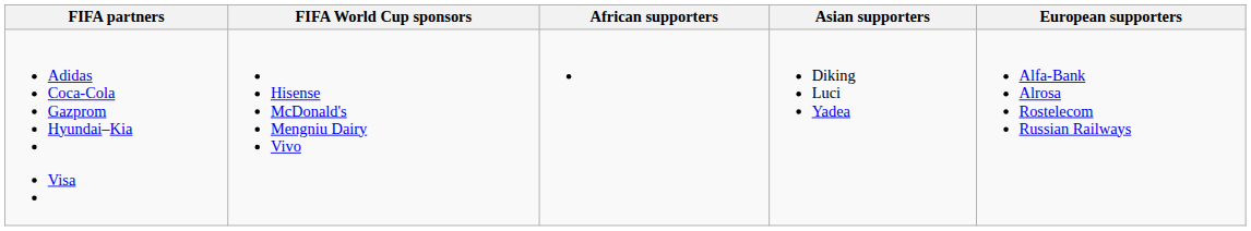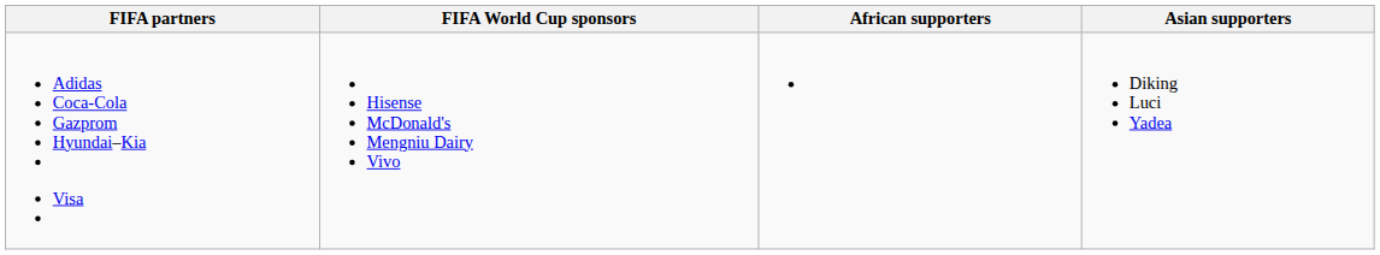 <table class="wikitable" style="width:100%;">
 <tr>
 <th>FIFA partners</th>
 <th>FIFA World Cup sponsors</th>
 <th>African supporters</th>
 <th>Asian supporters</th>
-<th>European supporters</th>
 </tr>
 <tr>
 <td style="vertical-align:top;"><br> <ul><li><a href='#'>Adidas</a></li><li><a href='#'>Coca-Cola</a></li><li><a href='#'>Gazprom</a></li><li><a href='#'>Hyundai</a>–<a href='#'>Kia</a></li><li></li></ul><ul><li><a href='#'>Visa</a></li><li></li></ul></td>
 <td style="vertical-align:top;"><br> <ul><li></li><li><a href='#'>Hisense</a></li><li><a href='#'>McDonald's</a></li><li><a href='#'>Mengniu Dairy</a></li><li><a href='#'>Vivo</a></li></ul> </td>
 <td style="vertical-align:top;"><br><ul><li></li></ul></td>
 <td style="vertical-align:top;"><br><ul><li>Diking</li><li>Luci</li><li><a href='#'>Yadea</a></li></ul></td>
-<td style="vertical-align:top;"><br><ul><li><a href='#'>Alfa-Bank</a></li><li><a href='#'>Alrosa</a></li><li><a href='#'>Rostelecom</a></li><li><a href='#'>Russian Railways</a></li></ul></td>
 </tr>
 </table>
